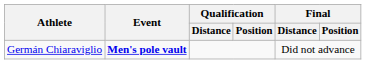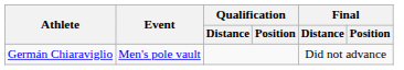 <table class=wikitable style="font-size:90%">
 <tr>
 <th rowspan="2">Athlete</th>
 <th rowspan="2">Event</th>
 <th colspan="2">Qualification</th>
 <th colspan="2">Final</th>
 </tr>
 <tr style="font-size:95%">
 <th>Distance</th>
 <th>Position</th>
 <th>Distance</th>
 <th>Position</th>
 </tr>
 <tr align=center>
 <td align=left><a href='#'>Germán Chiaraviglio</a></td>
-<td align=left><strong><a href='#'>Men's pole vault</a></strong></td>
+<td align=left><a href='#'>Men's pole vault</a></td>
 <td colspan=2></td>
 <td colspan=2>Did not advance</td>
 </tr>
 </table>
